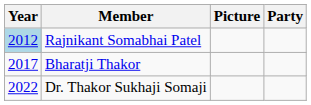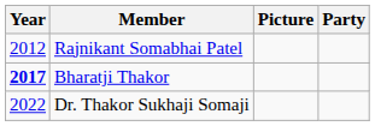 <table class="wikitable sortable">
 <tr>
 <th>Year</th>
 <th>Member</th>
 <th>Picture</th>
 <th colspan=2>Party</th>
 </tr>
 <tr>
-<td style="background: lightblue;"><a href='#'>2012</a></td>
+<td><a href='#'>2012</a></td>
 <td><a href='#'>Rajnikant Somabhai Patel</a></td>
 <td></td>
 <td></td>
 </tr>
 <tr>
-<td><a href='#'>2017</a></td>
+<td><strong><a href='#'>2017</a></strong></td>
 <td><a href='#'>Bharatji Thakor</a></td>
 <td></td>
 <td></td>
 </tr>
 <tr>
 <td><a href='#'>2022</a></td>
 <td>Dr. Thakor Sukhaji Somaji</td>
 <td></td>
 <td></td>
 </tr>
 </table>
